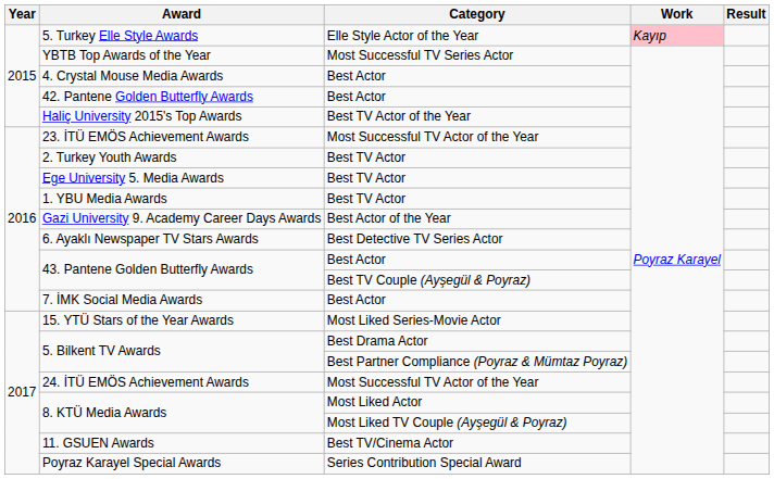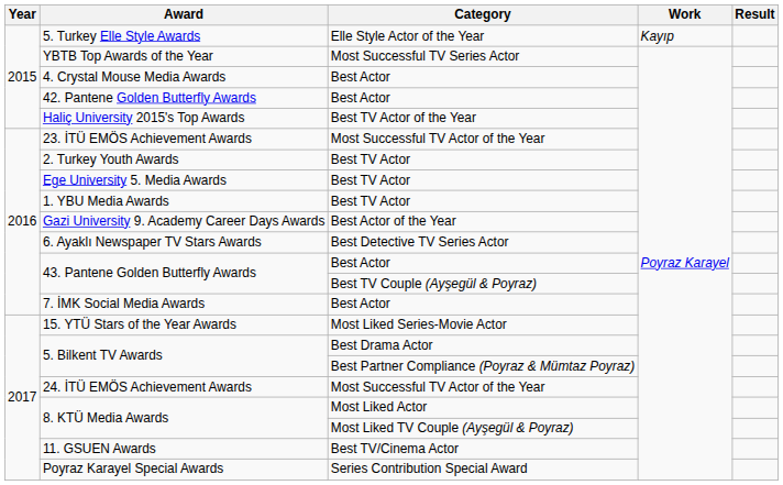 <table class="wikitable">
 <tr style="text-align:center; ;">
 <th>Year</th>
 <th>Award</th>
 <th>Category</th>
 <th>Work</th>
 <th>Result</th>
 </tr>
 <tr>
 <td rowspan=5>2015</td>
 <td>5. Turkey <a href='#'>Elle Style Awards</a></td>
 <td>Elle Style Actor of the Year</td>
-<td style="background: pink;"><em>Kayıp</em></td>
+<td><em>Kayıp</em></td>
 <td></td>
 </tr>
 <tr>
 <td>YBTB Top Awards of the Year</td>
 <td>Most Successful TV Series Actor</td>
 <td rowspan=21><em><a href='#'>Poyraz Karayel</a></em></td>
 <td></td>
 </tr>
 <tr>
 <td>4. Crystal Mouse Media Awards</td>
 <td>Best Actor</td>
 <td></td>
 </tr>
 <tr>
 <td>42. Pantene <a href='#'>Golden Butterfly Awards</a></td>
 <td>Best Actor</td>
 <td></td>
 </tr>
 <tr>
 <td><a href='#'>Haliç University</a> 2015's Top Awards</td>
 <td>Best TV Actor of the Year</td>
 <td></td>
 </tr>
 <tr>
 <td rowspan=9>2016</td>
 <td>23. İTÜ EMÖS Achievement Awards</td>
 <td>Most Successful TV Actor of the Year</td>
 <td></td>
 </tr>
 <tr>
 <td>2. Turkey Youth Awards</td>
 <td>Best TV Actor</td>
 <td></td>
 </tr>
 <tr>
 <td><a href='#'>Ege University</a> 5. Media Awards</td>
 <td>Best TV Actor</td>
 <td></td>
 </tr>
 <tr>
 <td>1. YBU Media Awards</td>
 <td>Best TV Actor</td>
 <td></td>
 </tr>
 <tr>
 <td><a href='#'>Gazi University</a> 9. Academy Career Days Awards</td>
 <td>Best Actor of the Year</td>
 <td></td>
 </tr>
 <tr>
 <td>6. Ayaklı Newspaper TV Stars Awards</td>
 <td>Best Detective TV Series Actor</td>
 <td></td>
 </tr>
 <tr>
 <td rowspan=2>43. Pantene Golden Butterfly Awards</td>
 <td>Best Actor</td>
 <td></td>
 </tr>
 <tr>
 <td>Best TV Couple <em>(Ayşegül & Poyraz)</em></td>
 <td></td>
 </tr>
 <tr>
 <td>7. İMK Social Media Awards</td>
 <td>Best Actor</td>
 <td></td>
 </tr>
 <tr>
 <td rowspan=8>2017</td>
 <td>15. YTÜ Stars of the Year Awards</td>
 <td>Most Liked Series-Movie Actor</td>
 <td></td>
 </tr>
 <tr>
 <td rowspan=2>5. Bilkent TV Awards</td>
 <td>Best Drama Actor</td>
 <td></td>
 </tr>
 <tr>
 <td>Best Partner Compliance <em>(Poyraz & Mümtaz Poyraz)</em></td>
 <td></td>
 </tr>
 <tr>
 <td>24. İTÜ EMÖS Achievement Awards</td>
 <td>Most Successful TV Actor of the Year</td>
 <td></td>
 </tr>
 <tr>
 <td rowspan=2>8. KTÜ Media Awards</td>
 <td>Most Liked Actor</td>
 <td></td>
 </tr>
 <tr>
 <td>Most Liked TV Couple <em>(Ayşegül & Poyraz)</em></td>
 <td></td>
 </tr>
 <tr>
 <td>11. GSUEN Awards</td>
 <td>Best TV/Cinema Actor</td>
 <td></td>
 </tr>
 <tr>
 <td>Poyraz Karayel Special Awards</td>
 <td>Series Contribution Special Award</td>
 <td></td>
 </tr>
 </table>
